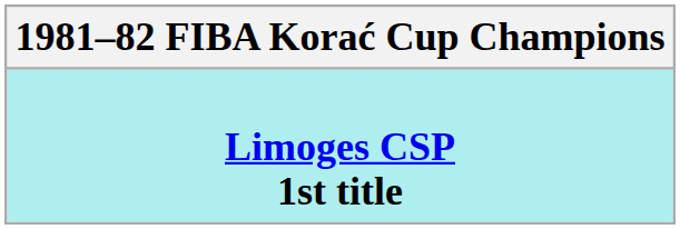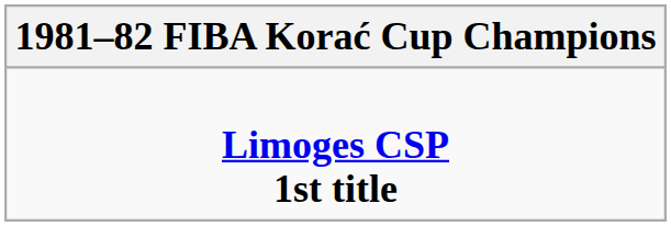 <table class=wikitable style="text-align:center; margin:auto">
 <tr>
 <th>1981–82 FIBA Korać Cup Champions</th>
 </tr>
 <tr>
-<td style="background: paleturquoise;"><br> <strong><a href='#'>Limoges CSP</a></strong> <br> <strong>1st title</strong></td>
+<td><br> <strong><a href='#'>Limoges CSP</a></strong> <br> <strong>1st title</strong></td>
 </tr>
 </table>
